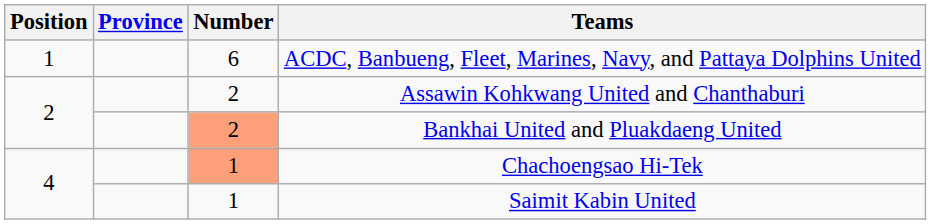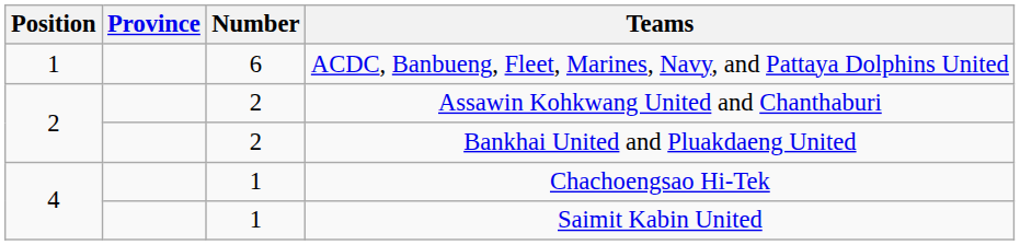 <table class="wikitable">
 <tr>
 <th>Position</th>
 <th><a href='#'>Province</a></th>
 <th>Number</th>
 <th>Teams</th>
 </tr>
 <tr>
 <td align=center>1</td>
 <td></td>
 <td align=center>6</td>
 <td align=center><a href='#'>ACDC</a>, <a href='#'>Banbueng</a>, <a href='#'>Fleet</a>, <a href='#'>Marines</a>, <a href='#'>Navy</a>, and <a href='#'>Pattaya Dolphins United</a></td>
 </tr>
 <tr>
 <td align=center rowspan="2">2</td>
 <td></td>
 <td align=center>2</td>
 <td align=center><a href='#'>Assawin Kohkwang United</a> and <a href='#'>Chanthaburi</a></td>
 </tr>
 <tr>
 <td></td>
-<td align=center style="background: lightsalmon;">2</td>
+<td align=center>2</td>
 <td align=center><a href='#'>Bankhai United</a> and <a href='#'>Pluakdaeng United</a></td>
 </tr>
 <tr>
 <td align=center rowspan="2">4</td>
 <td></td>
-<td align=center style="background: lightsalmon;">1</td>
+<td align=center>1</td>
 <td align=center><a href='#'>Chachoengsao Hi-Tek</a></td>
 </tr>
 <tr>
 <td></td>
 <td align=center>1</td>
 <td align=center><a href='#'>Saimit Kabin United</a></td>
 </tr>
 </table>
